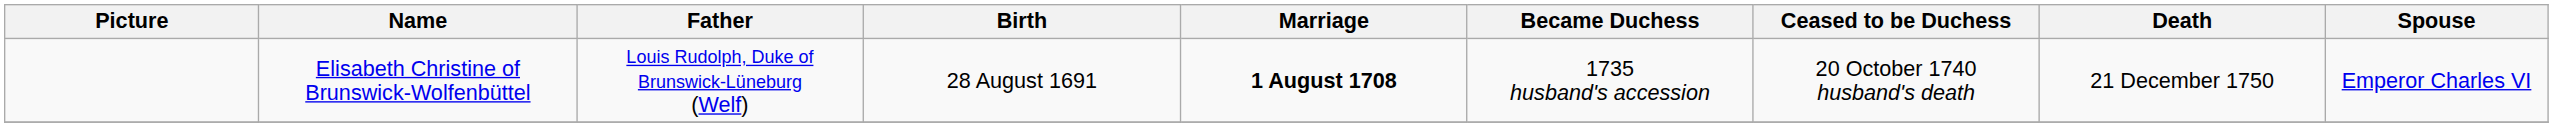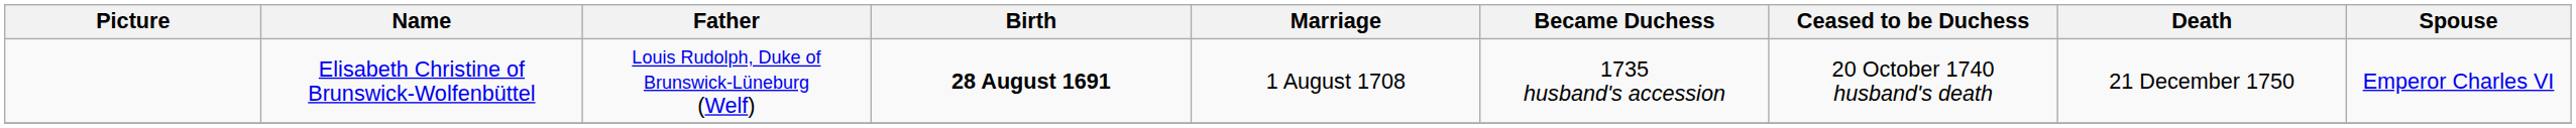 <table width=95% class="wikitable">
 <tr>
 <th width = "8%">Picture</th>
 <th width = "10%">Name</th>
 <th width = "9%">Father</th>
 <th width = "10%">Birth</th>
 <th width = "9%">Marriage</th>
 <th width = "9%">Became Duchess</th>
 <th width = "9%">Ceased to be Duchess</th>
 <th width = "9%">Death</th>
 <th width = "7%">Spouse</th>
 </tr>
 <tr>
 <td align="center"></td>
 <td align="center"><a href='#'>Elisabeth Christine of Brunswick-Wolfenbüttel</a></td>
 <td align="center"><small><a href='#'>Louis Rudolph, Duke of Brunswick-Lüneburg</a></small><br> (<a href='#'>Welf</a>)</td>
-<td align="center">28 August 1691</td>
-<td align="center"><strong>1 August 1708</strong></td>
+<td align="center"><strong>28 August 1691</strong></td>
+<td align="center">1 August 1708</td>
 <td align="center">1735<br><em>husband's accession</em></td>
 <td align="center">20 October 1740<br><em>husband's death</em></td>
 <td align="center">21 December 1750</td>
 <td align="center"><a href='#'>Emperor Charles VI</a></td>
 </tr>
 <tr>
 </tr>
 </table>
